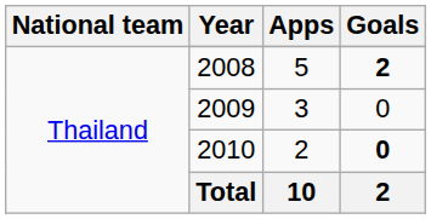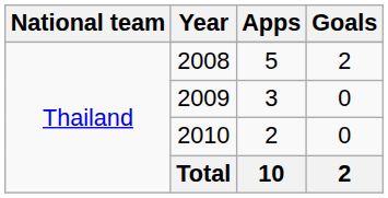 <table class="wikitable" style="text-align:center">
 <tr>
 <th>National team</th>
 <th>Year</th>
 <th>Apps</th>
 <th>Goals</th>
 </tr>
 <tr>
 <td rowspan="5" valign="center"><a href='#'>Thailand</a></td>
 </tr>
 <tr>
 <td>2008</td>
 <td>5</td>
-<td><strong>2</strong></td>
+<td>2</td>
 </tr>
 <tr>
 <td>2009</td>
 <td>3</td>
 <td>0</td>
 </tr>
 <tr>
 <td>2010</td>
 <td>2</td>
-<td><strong>0</strong></td>
+<td>0</td>
 </tr>
 <tr>
 <th>Total</th>
 <th>10</th>
 <th>2</th>
 </tr>
 </table>
